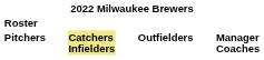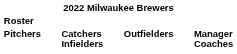 <table class="toccolours" style="font-size: 95%;">
 <tr>
 <th colspan="10">2022 Milwaukee Brewers</th>
 </tr>
 <tr>
 <td colspan="10"><strong>Roster</strong></td>
 </tr>
 <tr>
 <td valign="top"><strong>Pitchers</strong><br>                            </td>
 <td width="25px"></td>
-<td valign="top" style="background: khaki;"><strong>Catchers</strong><br>     <strong>Infielders</strong>         </td>
+<td valign="top"><strong>Catchers</strong><br>     <strong>Infielders</strong>         </td>
 <td width="25px"></td>
 <td valign="top"><strong>Outfielders</strong><br>       </td>
 <td width="25px"></td>
 <td valign="top"><strong>Manager</strong><br> <strong>Coaches</strong>                      </td>
 </tr>
 <tr>
 </tr>
 </table>
